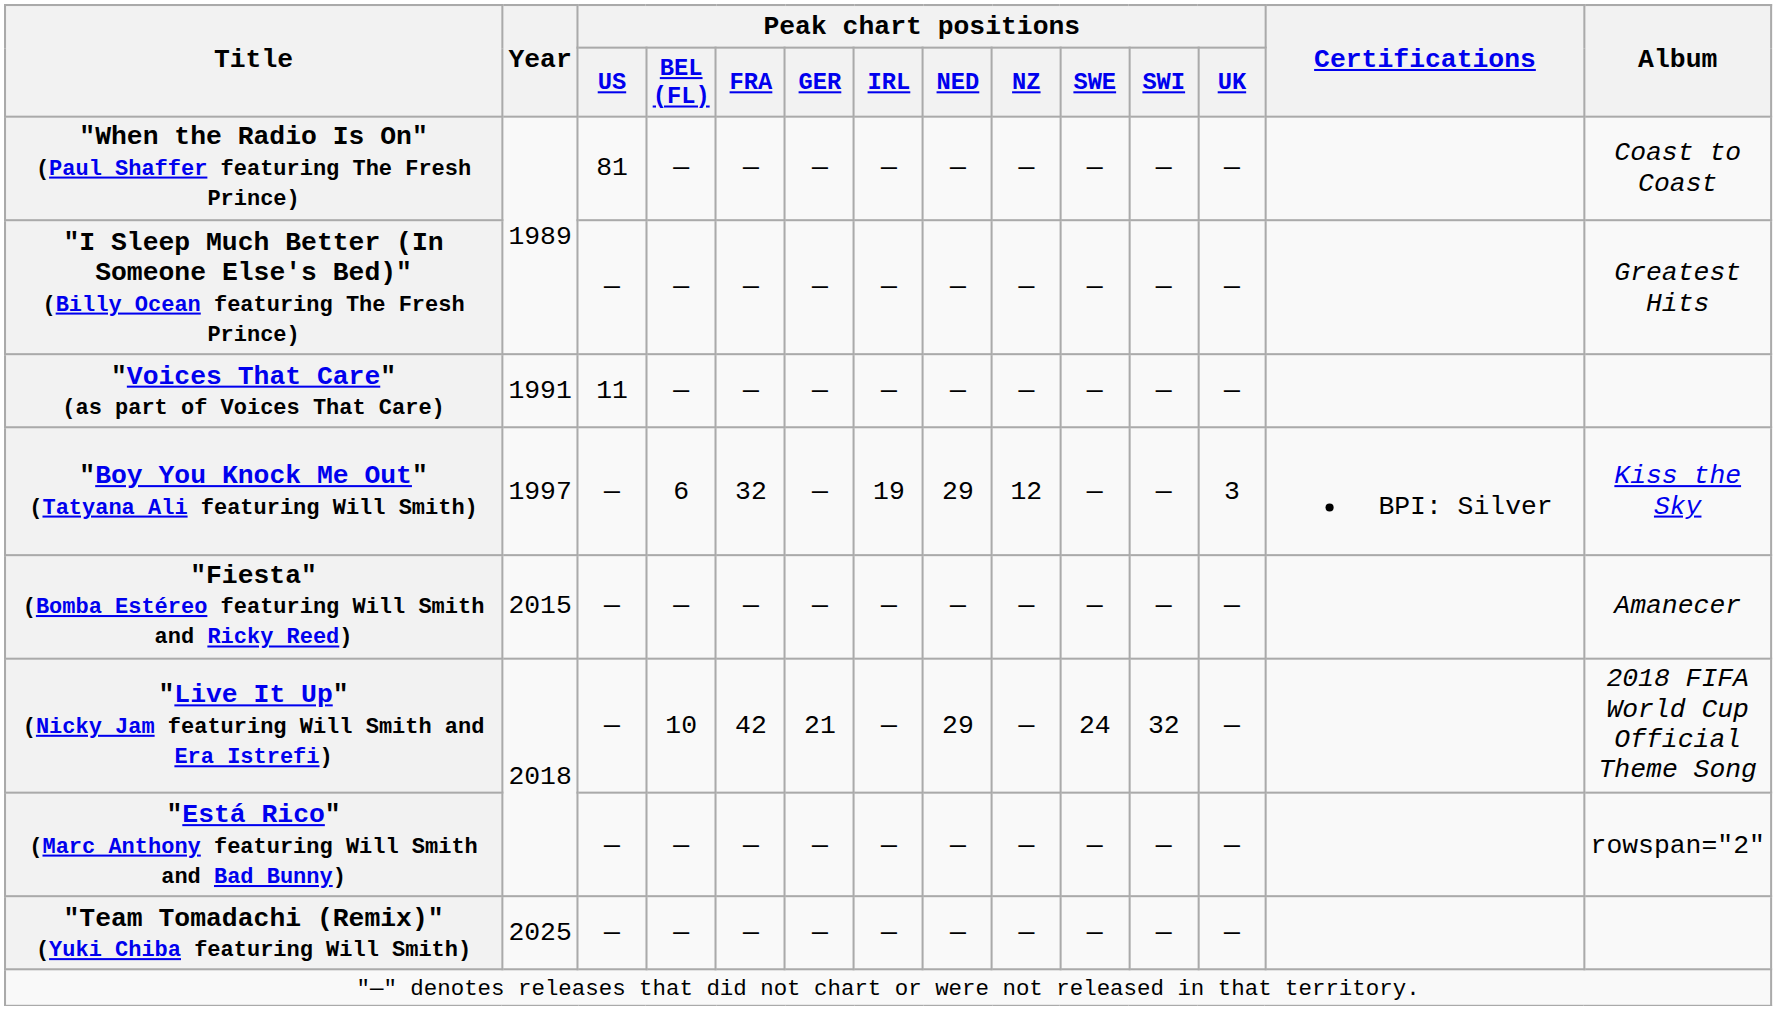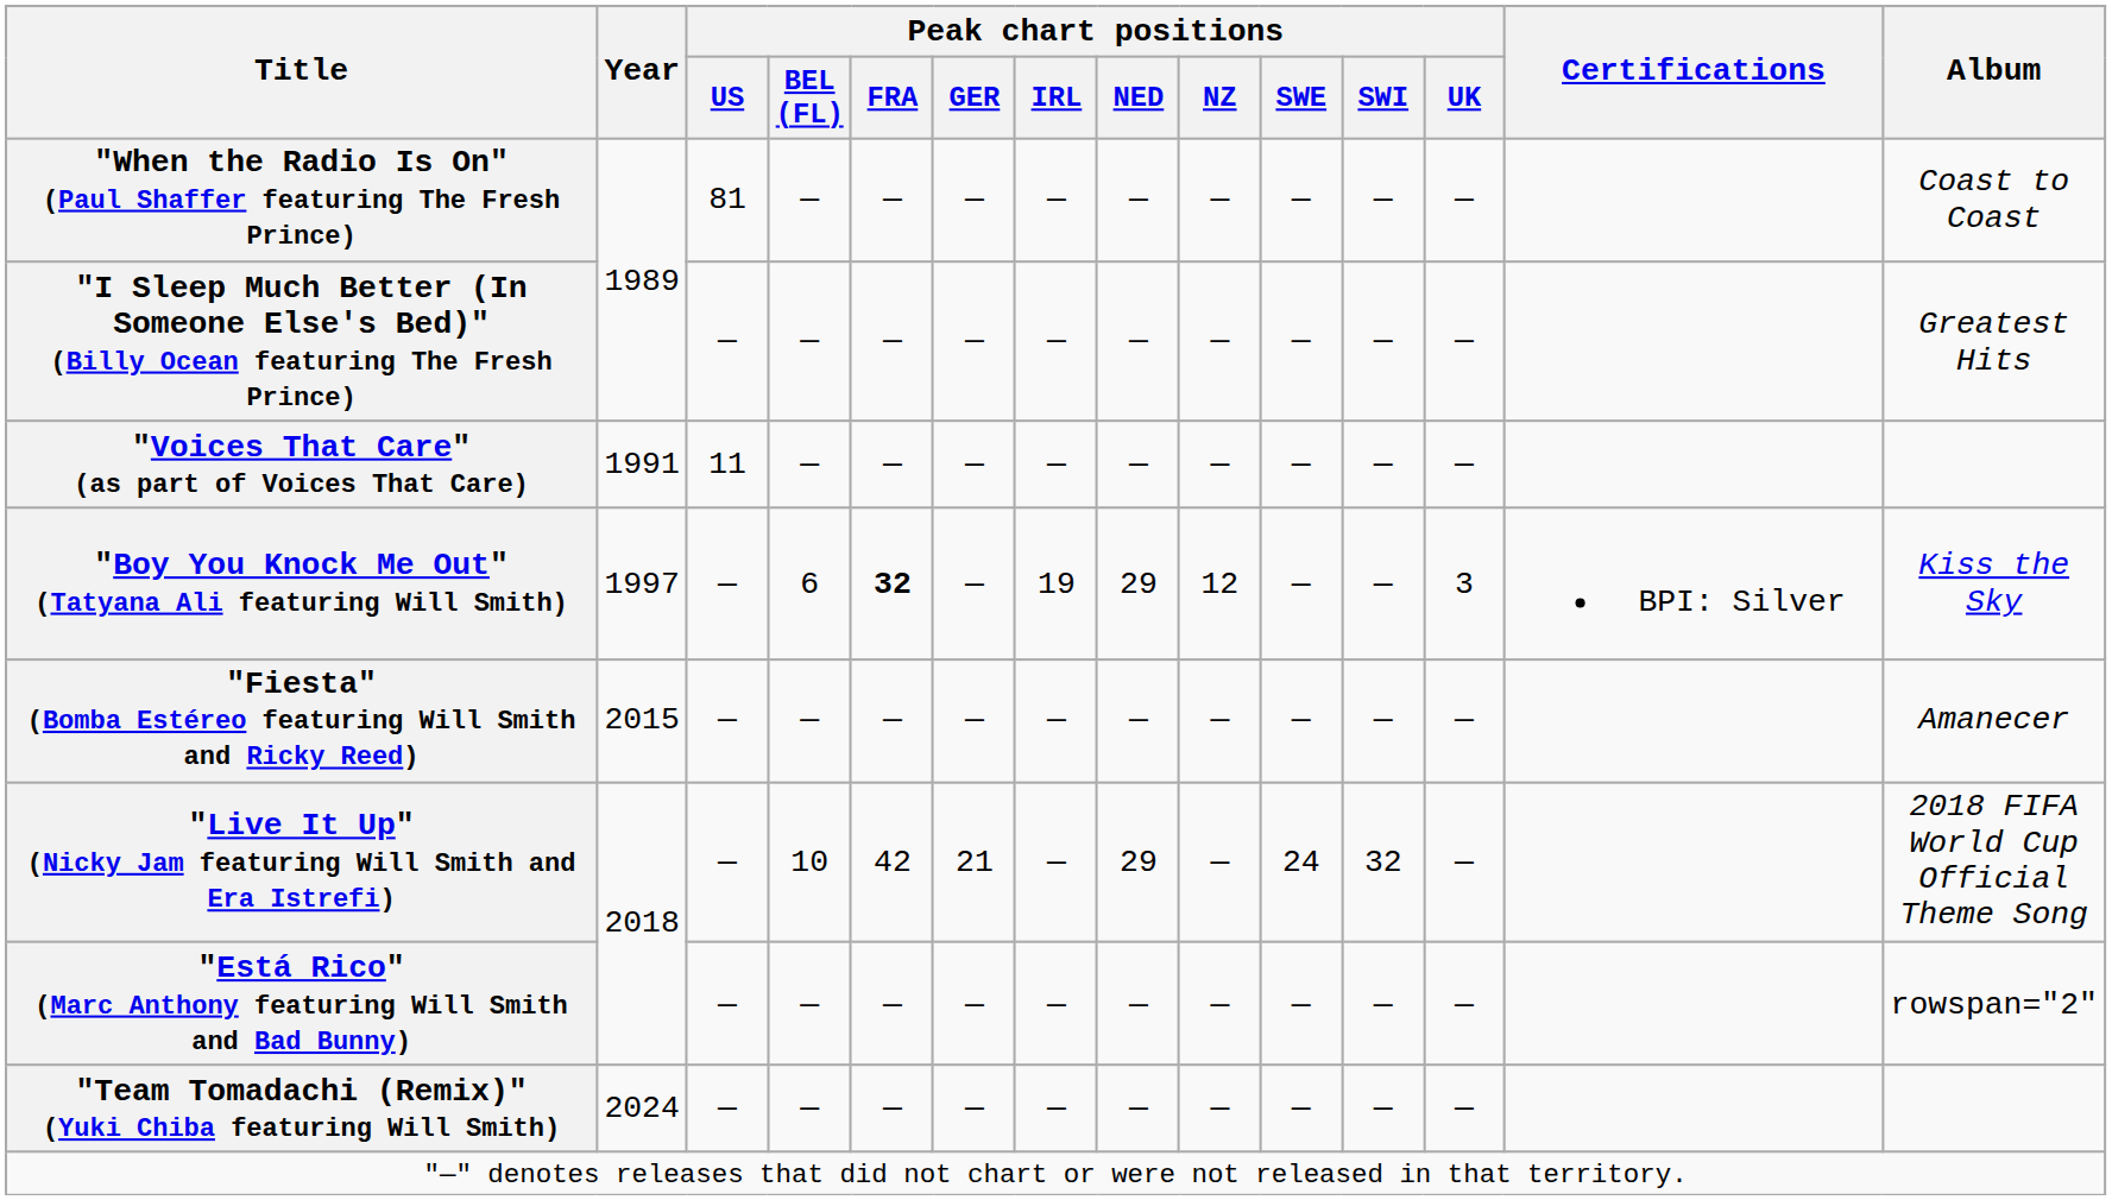 <table class="wikitable plainrowheaders" style="text-align:center;">
 <tr>
 <th scope="col" rowspan="2" style="width:20em;">Title</th>
 <th scope="col" rowspan="2">Year</th>
 <th scope="col" colspan="10">Peak chart positions</th>
 <th scope="col" rowspan="2" style="width:12em;"><a href='#'>Certifications</a></th>
 <th scope="col" rowspan="2">Album</th>
 </tr>
 <tr>
 <th scope="col" style="width:2.5em;font-size:90%;"><a href='#'>US</a><br></th>
 <th scope="col" style="width:2.5em;font-size:90%;"><a href='#'>BEL<br>(FL)</a><br></th>
 <th scope="col" style="width:2.5em;font-size:90%;"><a href='#'>FRA</a><br></th>
 <th scope="col" style="width:2.5em;font-size:90%;"><a href='#'>GER</a><br></th>
 <th scope="col" style="width:2.5em;font-size:90%;"><a href='#'>IRL</a><br></th>
 <th scope="col" style="width:2.5em;font-size:90%;"><a href='#'>NED</a><br></th>
 <th scope="col" style="width:2.5em;font-size:90%;"><a href='#'>NZ</a><br></th>
 <th scope="col" style="width:2.5em;font-size:90%;"><a href='#'>SWE</a><br></th>
 <th scope="col" style="width:2.5em;font-size:90%;"><a href='#'>SWI</a><br></th>
 <th scope="col" style="width:2.5em;font-size:90%;"><a href='#'>UK</a><br></th>
 </tr>
 <tr>
 <th scope="row">"When the Radio Is On"<br><small>(<a href='#'>Paul Shaffer</a> featuring The Fresh Prince)</small></th>
 <td rowspan="2">1989</td>
 <td>81</td>
 <td>—</td>
 <td>—</td>
 <td>—</td>
 <td>—</td>
 <td>—</td>
 <td>—</td>
 <td>—</td>
 <td>—</td>
 <td>—</td>
 <td></td>
 <td><em>Coast to Coast</em></td>
 </tr>
 <tr>
 <th scope="row">"I Sleep Much Better (In Someone Else's Bed)"<br><small>(<a href='#'>Billy Ocean</a> featuring The Fresh Prince)</small></th>
 <td>—</td>
 <td>—</td>
 <td>—</td>
 <td>—</td>
 <td>—</td>
 <td>—</td>
 <td>—</td>
 <td>—</td>
 <td>—</td>
 <td>—</td>
 <td></td>
 <td><em>Greatest Hits</em></td>
 </tr>
 <tr>
 <th scope="row">"<a href='#'>Voices That Care</a>"<br><small>(as part of Voices That Care)</small></th>
 <td>1991</td>
 <td>11</td>
 <td>—</td>
 <td>—</td>
 <td>—</td>
 <td>—</td>
 <td>—</td>
 <td>—</td>
 <td>—</td>
 <td>—</td>
 <td>—</td>
 <td></td>
 <td></td>
 </tr>
 <tr>
 <th scope="row">"<a href='#'>Boy You Knock Me Out</a>"<br><small>(<a href='#'>Tatyana Ali</a> featuring Will Smith)</small></th>
 <td>1997</td>
 <td>—</td>
 <td>6</td>
-<td>32</td>
+<td><strong>32</strong></td>
 <td>—</td>
 <td>19</td>
 <td>29</td>
 <td>12</td>
 <td>—</td>
 <td>—</td>
 <td>3</td>
 <td><br><ul><li>BPI: Silver</li></ul></td>
 <td><em><a href='#'>Kiss the Sky</a></em></td>
 </tr>
 <tr>
 <th scope="row">"Fiesta" <br><small>(<a href='#'>Bomba Estéreo</a> featuring Will Smith and <a href='#'>Ricky Reed</a>)</small></th>
 <td>2015</td>
 <td>—</td>
 <td>—</td>
 <td>—</td>
 <td>—</td>
 <td>—</td>
 <td>—</td>
 <td>—</td>
 <td>—</td>
 <td>—</td>
 <td>—</td>
 <td></td>
 <td><em>Amanecer</em></td>
 </tr>
 <tr>
 <th scope="row">"<a href='#'>Live It Up</a>"<br><small>(<a href='#'>Nicky Jam</a> featuring Will Smith and <a href='#'>Era Istrefi</a>)</small></th>
 <td rowspan="2">2018</td>
 <td>—</td>
 <td>10</td>
 <td>42</td>
 <td>21</td>
 <td>—</td>
 <td>29</td>
 <td>—</td>
 <td>24</td>
 <td>32</td>
 <td>—</td>
 <td></td>
 <td><em>2018 FIFA World Cup Official Theme Song</em></td>
 </tr>
 <tr>
 <th scope="row">"<a href='#'>Está Rico</a>"<br><small>(<a href='#'>Marc Anthony</a> featuring Will Smith and <a href='#'>Bad Bunny</a>)</small></th>
 <td>—</td>
 <td>—</td>
 <td>—</td>
 <td>—</td>
 <td>—</td>
 <td>—</td>
 <td>—</td>
 <td>—</td>
 <td>—</td>
 <td>—</td>
 <td></td>
 <td>rowspan="2" </td>
 </tr>
 <tr>
 <th scope="row">"Team Tomadachi (Remix)"<br><small>(<a href='#'>Yuki Chiba</a> featuring Will Smith)</small></th>
-<td>2025</td>
+<td>2024</td>
 <td>—</td>
 <td>—</td>
 <td>—</td>
 <td>—</td>
 <td>—</td>
 <td>—</td>
 <td>—</td>
 <td>—</td>
 <td>—</td>
 <td>—</td>
 <td></td>
 </tr>
 <tr>
 <td align="center" colspan="15" style="font-size:85%">"—" denotes releases that did not chart or were not released in that territory.</td>
 </tr>
 </table>
